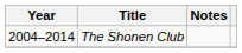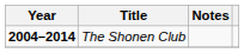 <table class="wikitable">
 <tr>
 <th>Year</th>
 <th>Title</th>
 <th>Notes</th>
 <th></th>
 </tr>
 <tr>
-<td>2004–2014</td>
+<td><strong>2004–2014</strong></td>
 <td><em>The Shonen Club</em></td>
 <td></td>
 <td></td>
 </tr>
 <tr>
 </tr>
 </table>
